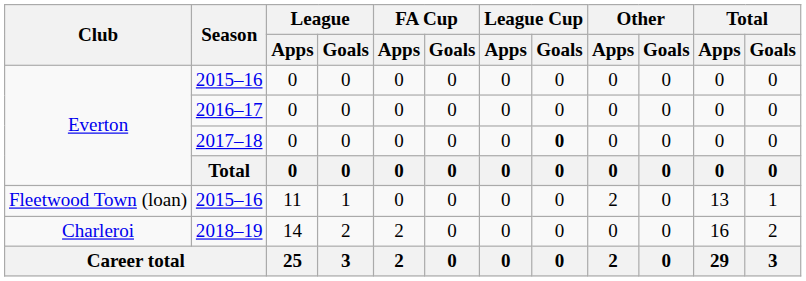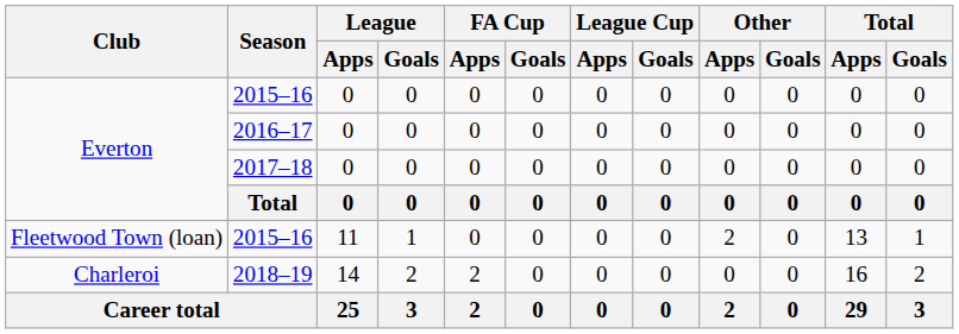 <table class="wikitable" style="text-align:center">
 <tr>
 <th rowspan="2">Club</th>
 <th rowspan="2">Season</th>
 <th colspan="2">League</th>
 <th colspan="2">FA Cup</th>
 <th colspan="2">League Cup</th>
 <th colspan="2">Other</th>
 <th colspan="2">Total</th>
 </tr>
 <tr>
 <th>Apps</th>
 <th>Goals</th>
 <th>Apps</th>
 <th>Goals</th>
 <th>Apps</th>
 <th>Goals</th>
 <th>Apps</th>
 <th>Goals</th>
 <th>Apps</th>
 <th>Goals</th>
 </tr>
 <tr>
 <td rowspan="4"><a href='#'>Everton</a></td>
 <td><a href='#'>2015–16</a></td>
 <td>0</td>
 <td>0</td>
 <td>0</td>
 <td>0</td>
 <td>0</td>
 <td>0</td>
 <td>0</td>
 <td>0</td>
 <td>0</td>
 <td>0</td>
 </tr>
 <tr>
 <td><a href='#'>2016–17</a></td>
 <td>0</td>
 <td>0</td>
 <td>0</td>
 <td>0</td>
 <td>0</td>
 <td>0</td>
 <td>0</td>
 <td>0</td>
 <td>0</td>
 <td>0</td>
 </tr>
 <tr>
 <td><a href='#'>2017–18</a></td>
 <td>0</td>
 <td>0</td>
 <td>0</td>
 <td>0</td>
 <td>0</td>
-<td><strong>0</strong></td>
+<td>0</td>
 <td>0</td>
 <td>0</td>
 <td>0</td>
 <td>0</td>
 </tr>
 <tr>
 <th colspan="1">Total</th>
 <th>0</th>
 <th>0</th>
 <th>0</th>
 <th>0</th>
 <th>0</th>
 <th>0</th>
 <th>0</th>
 <th>0</th>
 <th>0</th>
 <th>0</th>
 </tr>
 <tr>
 <td><a href='#'>Fleetwood Town</a> (loan)</td>
 <td><a href='#'>2015–16</a></td>
 <td>11</td>
 <td>1</td>
 <td>0</td>
 <td>0</td>
 <td>0</td>
 <td>0</td>
 <td>2</td>
 <td>0</td>
 <td>13</td>
 <td>1</td>
 </tr>
 <tr>
 <td><a href='#'>Charleroi</a></td>
 <td><a href='#'>2018–19</a></td>
 <td>14</td>
 <td>2</td>
 <td>2</td>
 <td>0</td>
 <td>0</td>
 <td>0</td>
 <td>0</td>
 <td>0</td>
 <td>16</td>
 <td>2</td>
 </tr>
 <tr>
 <th colspan="2">Career total</th>
 <th>25</th>
 <th>3</th>
 <th>2</th>
 <th>0</th>
 <th>0</th>
 <th>0</th>
 <th>2</th>
 <th>0</th>
 <th>29</th>
 <th>3</th>
 </tr>
 </table>
